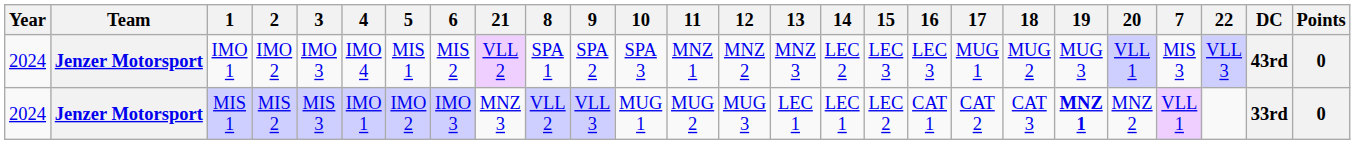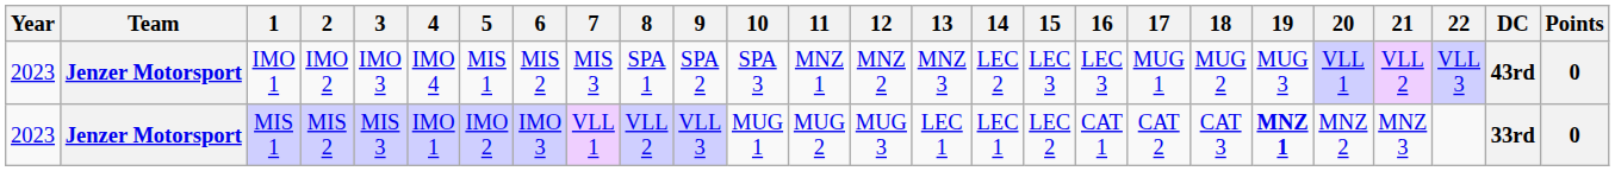 <table class="wikitable" style="text-align:center; font-size:85%">
 <tr>
 <th scope="col">Year</th>
 <th scope="col">Team</th>
 <th scope="col">1</th>
 <th scope="col">2</th>
 <th scope="col">3</th>
 <th scope="col">4</th>
 <th scope="col">5</th>
 <th scope="col">6</th>
-<th scope="col">21</th>
+<th scope="col">7</th>
 <th scope="col">8</th>
 <th scope="col">9</th>
 <th scope="col">10</th>
 <th scope="col">11</th>
 <th scope="col">12</th>
 <th scope="col">13</th>
 <th scope="col">14</th>
 <th scope="col">15</th>
 <th scope="col">16</th>
 <th scope="col">17</th>
 <th scope="col">18</th>
 <th scope="col">19</th>
 <th scope="col">20</th>
-<th scope="col">7</th>
+<th scope="col">21</th>
 <th scope="col">22</th>
 <th scope="col">DC</th>
 <th scope="col">Points</th>
 </tr>
 <tr>
-<td scope="row"><a href='#'>2024</a></td>
+<td scope="row"><a href='#'>2023</a></td>
 <th nowrap><a href='#'>Jenzer Motorsport</a></th>
 <td><a href='#'>IMO<br>1</a><br></td>
 <td><a href='#'>IMO<br>2</a><br></td>
 <td><a href='#'>IMO<br>3</a><br></td>
 <td><a href='#'>IMO<br>4</a><br></td>
 <td><a href='#'>MIS<br>1</a><br></td>
 <td><a href='#'>MIS<br>2</a><br></td>
-<td style="background:#EFCFFF"><a href='#'>VLL<br>2</a><br></td>
+<td><a href='#'>MIS<br>3</a><br></td>
 <td><a href='#'>SPA<br>1</a><br></td>
 <td><a href='#'>SPA<br>2</a><br></td>
 <td><a href='#'>SPA<br>3</a><br></td>
 <td><a href='#'>MNZ<br>1</a><br></td>
 <td><a href='#'>MNZ<br>2</a><br></td>
 <td><a href='#'>MNZ<br>3</a><br></td>
 <td><a href='#'>LEC<br>2</a><br></td>
 <td><a href='#'>LEC<br>3</a><br></td>
 <td><a href='#'>LEC<br>3</a><br></td>
 <td><a href='#'>MUG<br>1</a><br></td>
 <td><a href='#'>MUG<br>2</a><br></td>
 <td><a href='#'>MUG<br>3</a><br></td>
 <td style="background:#CFCFFF"><a href='#'>VLL<br>1</a><br></td>
-<td><a href='#'>MIS<br>3</a><br></td>
+<td style="background:#EFCFFF"><a href='#'>VLL<br>2</a><br></td>
 <td style="background:#CFCFFF"><a href='#'>VLL<br>3</a><br></td>
 <th>43rd</th>
 <th>0</th>
 </tr>
 <tr>
-<td scope="row"><a href='#'>2024</a></td>
+<td scope="row"><a href='#'>2023</a></td>
 <th nowrap><a href='#'>Jenzer Motorsport</a></th>
 <td style="background:#CFCFFF"><a href='#'>MIS<br>1</a><br></td>
 <td style="background:#CFCFFF"><a href='#'>MIS<br>2</a><br></td>
 <td style="background:#CFCFFF"><a href='#'>MIS<br>3</a><br></td>
 <td style="background:#CFCFFF"><a href='#'>IMO<br>1</a><br></td>
 <td style="background:#CFCFFF"><a href='#'>IMO<br>2</a><br></td>
 <td style="background:#CFCFFF"><a href='#'>IMO<br>3</a><br></td>
-<td style="background:#"><a href='#'>MNZ<br>3</a><br></td>
+<td style="background:#EFCFFF"><a href='#'>VLL<br>1</a><br></td>
 <td style="background:#CFCFFF"><a href='#'>VLL<br>2</a><br></td>
 <td style="background:#CFCFFF"><a href='#'>VLL<br>3</a><br></td>
 <td><a href='#'>MUG<br>1</a><br></td>
 <td><a href='#'>MUG<br>2</a><br></td>
 <td><a href='#'>MUG<br>3</a><br></td>
 <td><a href='#'>LEC<br>1</a><br></td>
 <td><a href='#'>LEC<br>1</a><br></td>
 <td><a href='#'>LEC<br>2</a><br></td>
 <td><a href='#'>CAT<br>1</a><br></td>
 <td><a href='#'>CAT<br>2</a><br></td>
 <td><a href='#'>CAT<br>3</a><br></td>
 <td style="background:#"><strong><a href='#'>MNZ<br>1</a><br></strong></td>
 <td style="background:#"><a href='#'>MNZ<br>2</a><br></td>
-<td style="background:#EFCFFF"><a href='#'>VLL<br>1</a><br></td>
+<td style="background:#"><a href='#'>MNZ<br>3</a><br></td>
 <td></td>
 <th>33rd</th>
 <th>0</th>
 </tr>
 </table>
